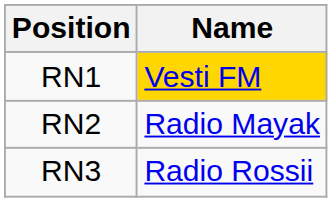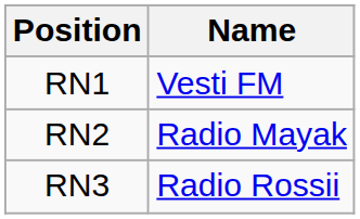 <table class = "wikitable plainrowheaders">
 <tr>
 <th>Position</th>
 <th>Name</th>
 </tr>
 <tr>
 <td align="center">RN1</td>
-<td style="background: gold;"><a href='#'>Vesti FM</a></td>
+<td><a href='#'>Vesti FM</a></td>
 </tr>
 <tr>
 <td align="center">RN2</td>
 <td><a href='#'>Radio Mayak</a></td>
 </tr>
 <tr>
 <td align="center">RN3</td>
 <td><a href='#'>Radio Rossii</a></td>
 </tr>
 </table>
